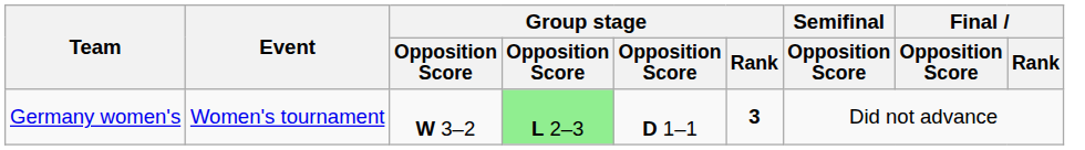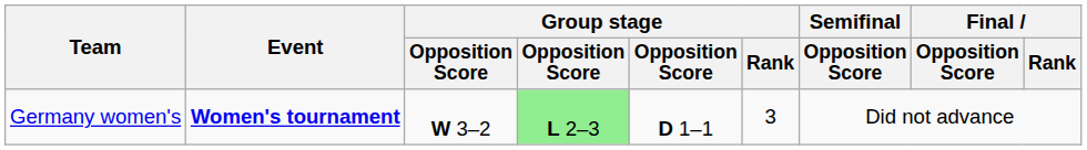 <table class="wikitable" style="font-size:90%">
 <tr>
 <th rowspan=2>Team</th>
 <th rowspan=2>Event</th>
 <th colspan=4>Group stage</th>
 <th>Semifinal</th>
 <th colspan=2>Final / </th>
 </tr>
 <tr style="font-size:95%">
 <th>Opposition<br>Score</th>
 <th>Opposition<br>Score</th>
 <th>Opposition<br>Score</th>
 <th>Rank</th>
 <th>Opposition<br>Score</th>
 <th>Opposition<br>Score</th>
 <th>Rank</th>
 </tr>
 <tr align=center>
 <td align=left><a href='#'>Germany women's</a></td>
-<td align=left><a href='#'>Women's tournament</a></td>
+<td align=left><strong><a href='#'>Women's tournament</a></strong></td>
 <td><br><strong>W</strong> 3–2</td>
 <td style="background: lightgreen;"><br><strong>L</strong> 2–3</td>
 <td><br><strong>D</strong> 1–1</td>
-<td><strong>3</strong></td>
+<td>3</td>
 <td colspan=3>Did not advance</td>
 </tr>
 </table>
